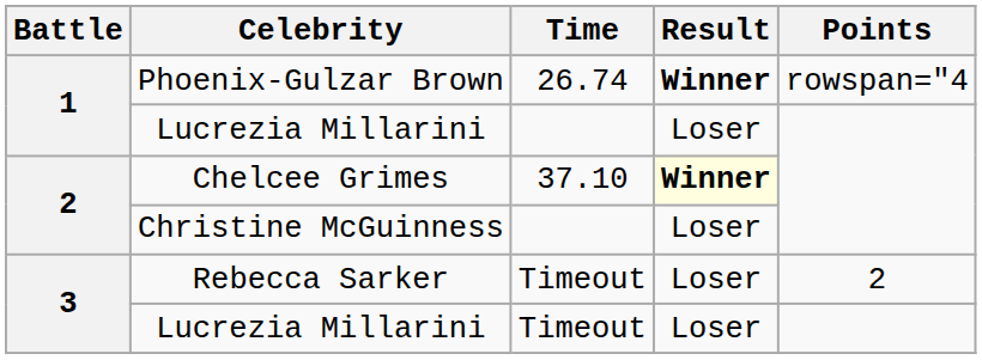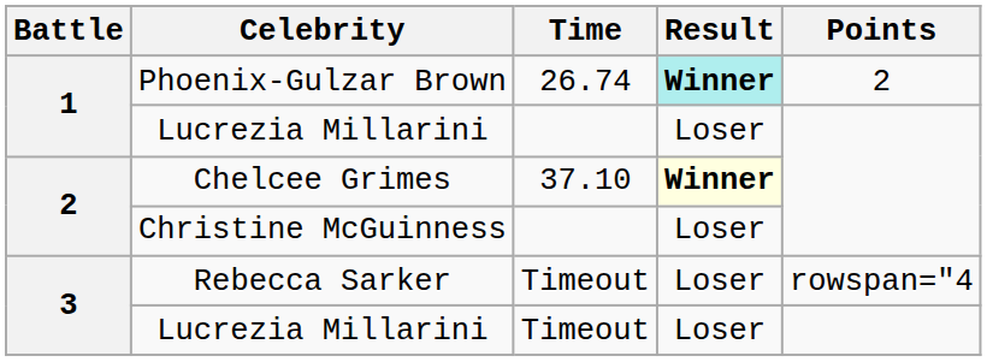 <table class="wikitable plainrowheaders" style="text-align:center;">
 <tr>
 <th>Battle</th>
 <th>Celebrity</th>
 <th>Time</th>
 <th>Result</th>
 <th>Points</th>
 </tr>
 <tr>
 <th rowspan=2>1</th>
 <td>Phoenix-Gulzar Brown</td>
 <td>26.74</td>
-<td><strong>Winner</strong></td>
-<td>rowspan="4 </td>
+<td style="background: paleturquoise;"><strong>Winner</strong></td>
+<td>2</td>
 </tr>
 <tr>
 <td>Lucrezia Millarini</td>
 <td></td>
 <td>Loser</td>
 </tr>
 <tr>
 <th rowspan=2>2</th>
 <td>Chelcee Grimes</td>
 <td>37.10</td>
 <td style="background: lightyellow;"><strong>Winner</strong></td>
 </tr>
 <tr>
 <td>Christine McGuinness</td>
 <td></td>
 <td>Loser</td>
 </tr>
 <tr>
 <th rowspan=2>3</th>
 <td>Rebecca Sarker</td>
 <td>Timeout</td>
 <td>Loser</td>
-<td>2</td>
+<td>rowspan="4 </td>
 </tr>
 <tr>
 <td>Lucrezia Millarini</td>
 <td>Timeout</td>
 <td>Loser</td>
 <td></td>
 </tr>
 </table>
